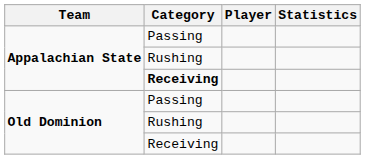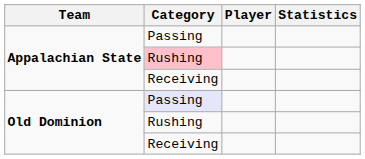 <table class="wikitable" style="float: right;">
 <tr>
 <th>Team</th>
 <th>Category</th>
 <th>Player</th>
 <th>Statistics</th>
 </tr>
 <tr>
 <td rowspan=3><strong>Appalachian State</strong></td>
 <td>Passing</td>
 <td></td>
 <td></td>
 </tr>
 <tr>
-<td>Rushing</td>
+<td style="background: pink;">Rushing</td>
 <td></td>
 <td></td>
 </tr>
 <tr>
-<td><strong>Receiving</strong></td>
+<td>Receiving</td>
 <td></td>
 <td></td>
 </tr>
 <tr>
 <td rowspan=3><strong>Old Dominion</strong></td>
-<td>Passing</td>
+<td style="background: lavender;">Passing</td>
 <td></td>
 <td></td>
 </tr>
 <tr>
 <td>Rushing</td>
 <td></td>
 <td></td>
 </tr>
 <tr>
 <td>Receiving</td>
 <td></td>
 <td></td>
 </tr>
 </table>
